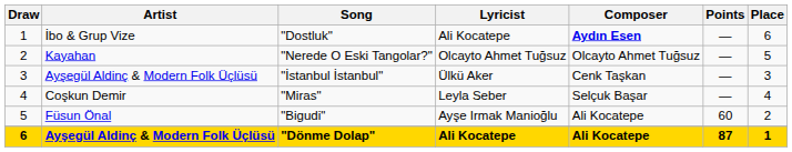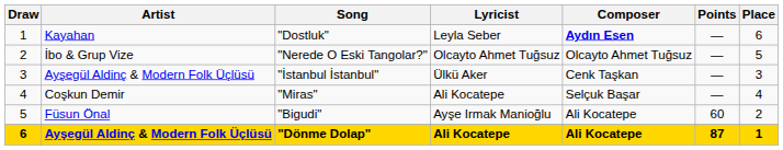 <table class="sortable wikitable" style="margin: 1em auto 1em auto; text-align:center">
 <tr>
 <th>Draw</th>
 <th>Artist</th>
 <th>Song</th>
 <th>Lyricist</th>
 <th>Composer</th>
 <th>Points</th>
 <th>Place</th>
 </tr>
 <tr>
 <td>1</td>
-<td align="left">İbo & Grup Vize</td>
+<td align="left"><a href='#'>Kayahan</a></td>
 <td align="left">"Dostluk"</td>
-<td align="left">Ali Kocatepe</td>
+<td align="left">Leyla Seber</td>
 <td align="left"><strong><a href='#'>Aydın Esen</a></strong></td>
 <td>—</td>
 <td>6</td>
 </tr>
 <tr>
 <td>2</td>
-<td align="left"><a href='#'>Kayahan</a></td>
+<td align="left">İbo & Grup Vize</td>
 <td align="left">"Nerede O Eski Tangolar?"</td>
 <td align="left">Olcayto Ahmet Tuğsuz</td>
 <td align="left">Olcayto Ahmet Tuğsuz</td>
 <td>—</td>
 <td>5</td>
 </tr>
 <tr>
 <td>3</td>
 <td align="left"><a href='#'>Ayşegül Aldinç</a> & <a href='#'>Modern Folk Üçlüsü</a></td>
 <td align="left">"İstanbul İstanbul"</td>
 <td align="left">Ülkü Aker</td>
 <td align="left">Cenk Taşkan</td>
 <td>—</td>
 <td>3</td>
 </tr>
 <tr>
 <td>4</td>
 <td align="left">Coşkun Demir</td>
 <td align="left">"Miras"</td>
-<td align="left">Leyla Seber</td>
+<td align="left">Ali Kocatepe</td>
 <td align="left">Selçuk Başar</td>
 <td>—</td>
 <td>4</td>
 </tr>
 <tr>
 <td>5</td>
 <td align="left"><a href='#'>Füsun Önal</a></td>
 <td align="left">"Bigudi"</td>
 <td align="left">Ayşe Irmak Manioğlu</td>
 <td align="left">Ali Kocatepe</td>
 <td>60</td>
 <td>2</td>
 </tr>
 <tr>
 </tr>
 <tr bgcolor="gold">
 <td><strong>6</strong></td>
 <td align="left"><strong><a href='#'>Ayşegül Aldinç</a> & <a href='#'>Modern Folk Üçlüsü</a></strong></td>
 <td align="left"><strong>"Dönme Dolap"</strong></td>
 <td align="left"><strong>Ali Kocatepe</strong></td>
 <td align="left"><strong>Ali Kocatepe</strong></td>
 <td><strong>87</strong></td>
 <td><strong>1</strong></td>
 </tr>
 </table>
